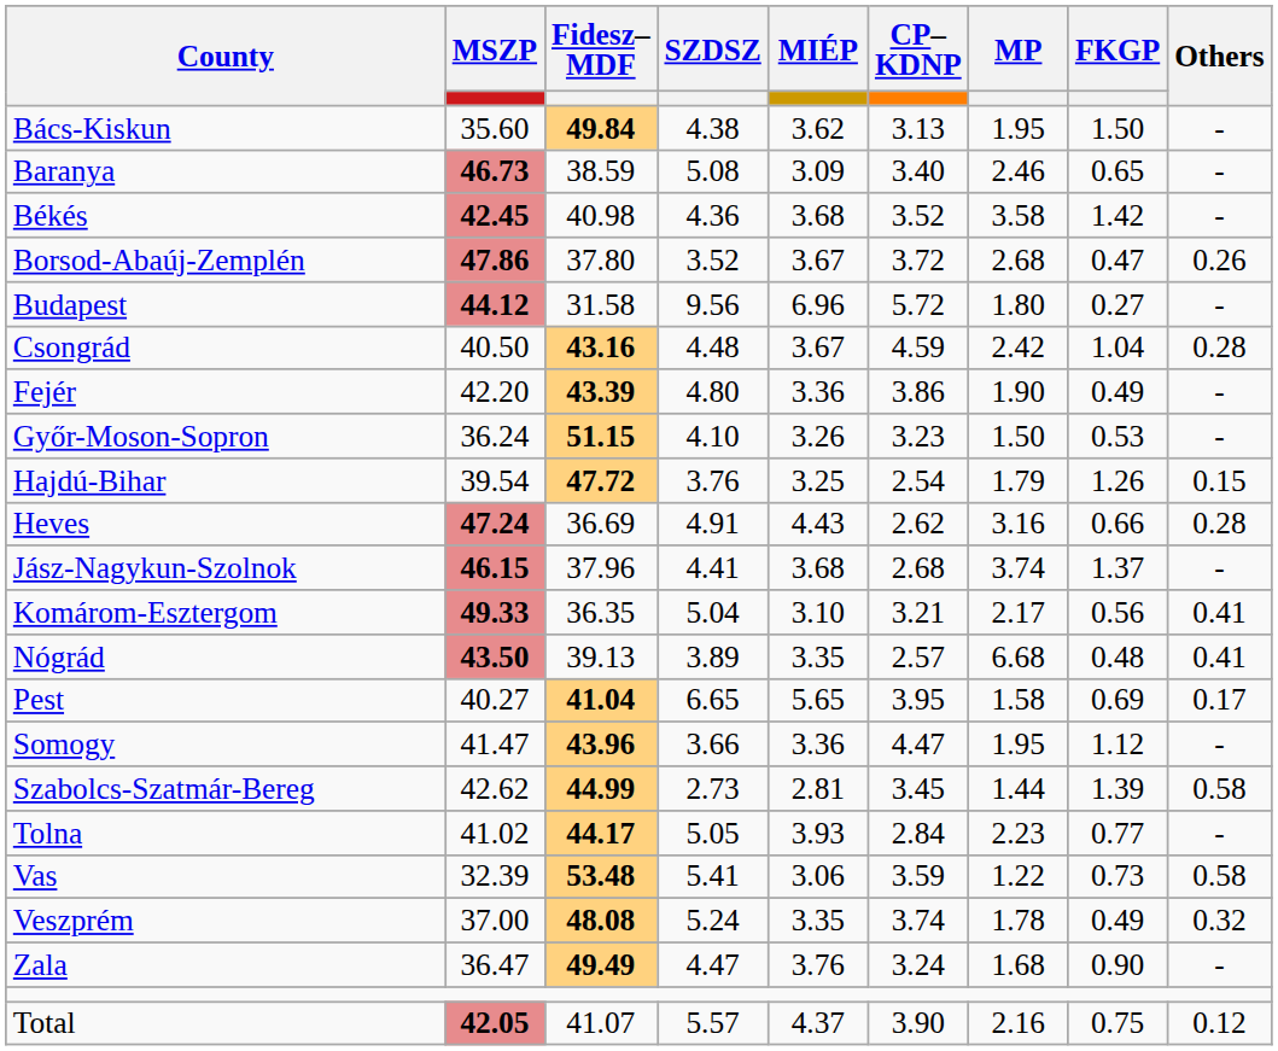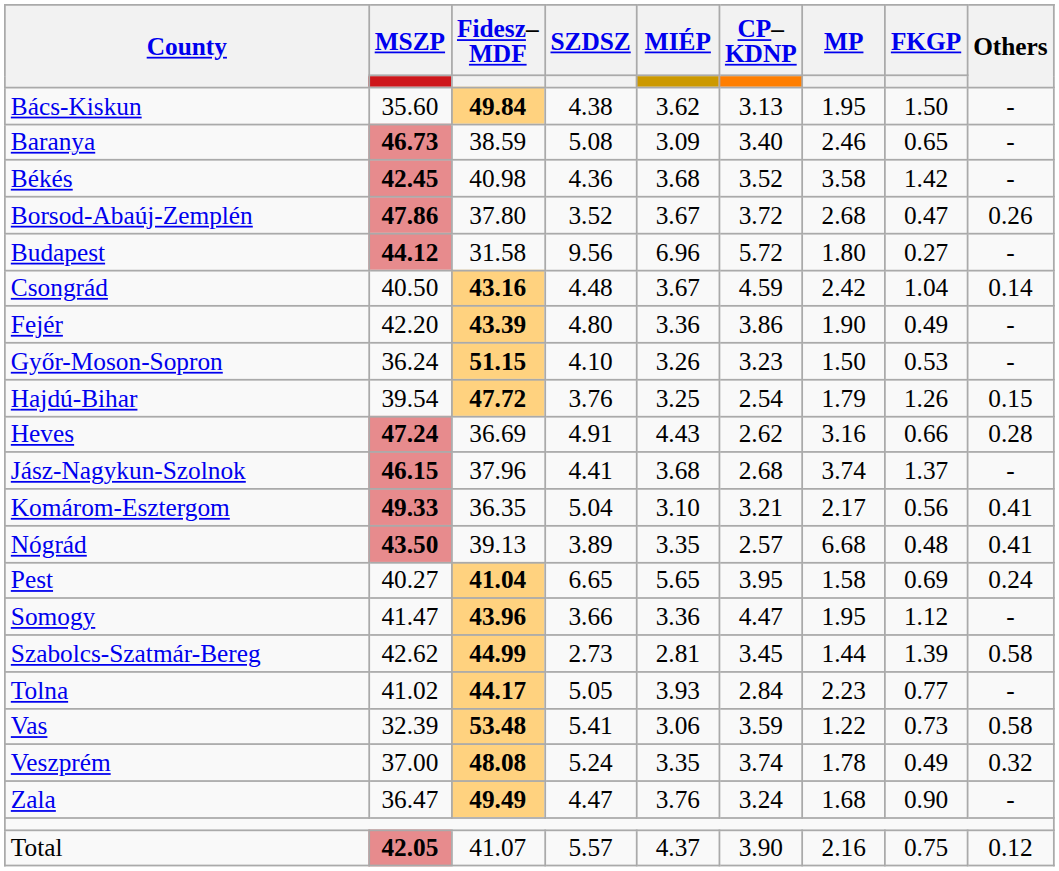 <table class="wikitable sortable" style="text-align:center;font-size:90%;line-height:14px">
 <tr style="height:40px;">
 <th style="width:200px;" rowspan="2"><a href='#'>County</a></th>
 <th style="width:40px;"><a href='#'>MSZP</a></th>
 <th style="width:40px;"><a href='#'>Fidesz</a>–<a href='#'>MDF</a></th>
 <th style="width:40px;"><a href='#'>SZDSZ</a></th>
 <th style="width:40px;"><a href='#'>MIÉP</a></th>
 <th style="width:40px;"><a href='#'>CP</a>–<a href='#'>KDNP</a></th>
 <th style="width:40px;"><a href='#'>MP</a></th>
 <th style="width:40px;"><a href='#'>FKGP</a></th>
 <th class="unsortable" style="width:40px;" rowspan="2">Others</th>
 </tr>
 <tr>
 <th style="background:#CE171B;"></th>
 <th style="background:"></th>
 <th style="background:"></th>
 <th style="background:#CC9900;"></th>
 <th style="background:#FF7E00;"></th>
 <th style="background:"></th>
 <th style="background:"></th>
 </tr>
 <tr>
 <td align="left"><a href='#'>Bács-Kiskun</a></td>
 <td>35.60</td>
 <td style="background:#ffd27f;"><strong>49.84</strong></td>
 <td>4.38</td>
 <td>3.62</td>
 <td>3.13</td>
 <td>1.95</td>
 <td>1.50</td>
 <td>-</td>
 </tr>
 <tr>
 <td align="left"><a href='#'>Baranya</a></td>
 <td style="background:#e78b8d;"><strong>46.73</strong></td>
 <td>38.59</td>
 <td>5.08</td>
 <td>3.09</td>
 <td>3.40</td>
 <td>2.46</td>
 <td>0.65</td>
 <td>-</td>
 </tr>
 <tr>
 <td align="left"><a href='#'>Békés</a></td>
 <td style="background:#e78b8d;"><strong>42.45</strong></td>
 <td>40.98</td>
 <td>4.36</td>
 <td>3.68</td>
 <td>3.52</td>
 <td>3.58</td>
 <td>1.42</td>
 <td>-</td>
 </tr>
 <tr>
 <td align="left"><a href='#'>Borsod-Abaúj-Zemplén</a></td>
 <td style="background:#e78b8d;"><strong>47.86</strong></td>
 <td>37.80</td>
 <td>3.52</td>
 <td>3.67</td>
 <td>3.72</td>
 <td>2.68</td>
 <td>0.47</td>
 <td>0.26</td>
 </tr>
 <tr>
 <td align="left"><a href='#'>Budapest</a></td>
 <td style="background:#e78b8d;"><strong>44.12</strong></td>
 <td>31.58</td>
 <td>9.56</td>
 <td>6.96</td>
 <td>5.72</td>
 <td>1.80</td>
 <td>0.27</td>
 <td>-</td>
 </tr>
 <tr>
 <td align="left"><a href='#'>Csongrád</a></td>
 <td>40.50</td>
 <td style="background:#ffd27f;"><strong>43.16</strong></td>
 <td>4.48</td>
 <td>3.67</td>
 <td>4.59</td>
 <td>2.42</td>
 <td>1.04</td>
-<td>0.28</td>
+<td>0.14</td>
 </tr>
 <tr>
 <td align="left"><a href='#'>Fejér</a></td>
 <td>42.20</td>
 <td style="background:#ffd27f;"><strong>43.39</strong></td>
 <td>4.80</td>
 <td>3.36</td>
 <td>3.86</td>
 <td>1.90</td>
 <td>0.49</td>
 <td>-</td>
 </tr>
 <tr>
 <td align="left"><a href='#'>Győr-Moson-Sopron</a></td>
 <td>36.24</td>
 <td style="background:#ffd27f;"><strong>51.15</strong></td>
 <td>4.10</td>
 <td>3.26</td>
 <td>3.23</td>
 <td>1.50</td>
 <td>0.53</td>
 <td>-</td>
 </tr>
 <tr>
 <td align="left"><a href='#'>Hajdú-Bihar</a></td>
 <td>39.54</td>
 <td style="background:#ffd27f;"><strong>47.72</strong></td>
 <td>3.76</td>
 <td>3.25</td>
 <td>2.54</td>
 <td>1.79</td>
 <td>1.26</td>
 <td>0.15</td>
 </tr>
 <tr>
 <td align="left"><a href='#'>Heves</a></td>
 <td style="background:#e78b8d;"><strong>47.24</strong></td>
 <td>36.69</td>
 <td>4.91</td>
 <td>4.43</td>
 <td>2.62</td>
 <td>3.16</td>
 <td>0.66</td>
 <td>0.28</td>
 </tr>
 <tr>
 <td align="left"><a href='#'>Jász-Nagykun-Szolnok</a></td>
 <td style="background:#e78b8d;"><strong>46.15</strong></td>
 <td>37.96</td>
 <td>4.41</td>
 <td>3.68</td>
 <td>2.68</td>
 <td>3.74</td>
 <td>1.37</td>
 <td>-</td>
 </tr>
 <tr>
 <td align="left"><a href='#'>Komárom-Esztergom</a></td>
 <td style="background:#e78b8d;"><strong>49.33</strong></td>
 <td>36.35</td>
 <td>5.04</td>
 <td>3.10</td>
 <td>3.21</td>
 <td>2.17</td>
 <td>0.56</td>
 <td>0.41</td>
 </tr>
 <tr>
 <td align="left"><a href='#'>Nógrád</a></td>
 <td style="background:#e78b8d;"><strong>43.50</strong></td>
 <td>39.13</td>
 <td>3.89</td>
 <td>3.35</td>
 <td>2.57</td>
 <td>6.68</td>
 <td>0.48</td>
 <td>0.41</td>
 </tr>
 <tr>
 <td align="left"><a href='#'>Pest</a></td>
 <td>40.27</td>
 <td style="background:#ffd27f;"><strong>41.04</strong></td>
 <td>6.65</td>
 <td>5.65</td>
 <td>3.95</td>
 <td>1.58</td>
 <td>0.69</td>
-<td>0.17</td>
+<td>0.24</td>
 </tr>
 <tr>
 <td align="left"><a href='#'>Somogy</a></td>
 <td>41.47</td>
 <td style="background:#ffd27f;"><strong>43.96</strong></td>
 <td>3.66</td>
 <td>3.36</td>
 <td>4.47</td>
 <td>1.95</td>
 <td>1.12</td>
 <td>-</td>
 </tr>
 <tr>
 <td align="left"><a href='#'>Szabolcs-Szatmár-Bereg</a></td>
 <td>42.62</td>
 <td style="background:#ffd27f;"><strong>44.99</strong></td>
 <td>2.73</td>
 <td>2.81</td>
 <td>3.45</td>
 <td>1.44</td>
 <td>1.39</td>
 <td>0.58</td>
 </tr>
 <tr>
 <td align="left"><a href='#'>Tolna</a></td>
 <td>41.02</td>
 <td style="background:#ffd27f;"><strong>44.17</strong></td>
 <td>5.05</td>
 <td>3.93</td>
 <td>2.84</td>
 <td>2.23</td>
 <td>0.77</td>
 <td>-</td>
 </tr>
 <tr>
 <td align="left"><a href='#'>Vas</a></td>
 <td>32.39</td>
 <td style="background:#ffd27f;"><strong>53.48</strong></td>
 <td>5.41</td>
 <td>3.06</td>
 <td>3.59</td>
 <td>1.22</td>
 <td>0.73</td>
 <td>0.58</td>
 </tr>
 <tr>
 <td align="left"><a href='#'>Veszprém</a></td>
 <td>37.00</td>
 <td style="background:#ffd27f;"><strong>48.08</strong></td>
 <td>5.24</td>
 <td>3.35</td>
 <td>3.74</td>
 <td>1.78</td>
 <td>0.49</td>
 <td>0.32</td>
 </tr>
 <tr>
 <td align="left"><a href='#'>Zala</a></td>
 <td>36.47</td>
 <td style="background:#ffd27f;"><strong>49.49</strong></td>
 <td>4.47</td>
 <td>3.76</td>
 <td>3.24</td>
 <td>1.68</td>
 <td>0.90</td>
 <td>-</td>
 </tr>
 <tr>
 <td colspan=10></td>
 </tr>
 <tr>
 <td align="left">Total</td>
 <td style="background:#e78b8d;"><strong>42.05</strong></td>
 <td>41.07</td>
 <td>5.57</td>
 <td>4.37</td>
 <td>3.90</td>
 <td>2.16</td>
 <td>0.75</td>
 <td>0.12</td>
 </tr>
 </table>
